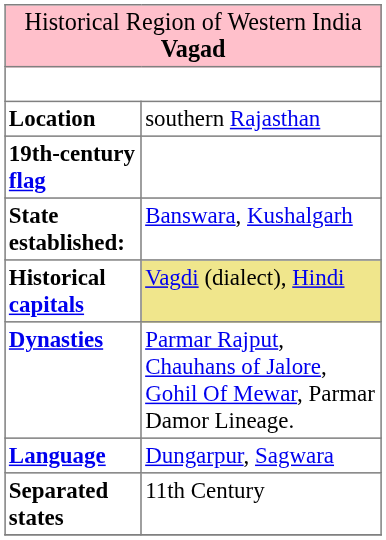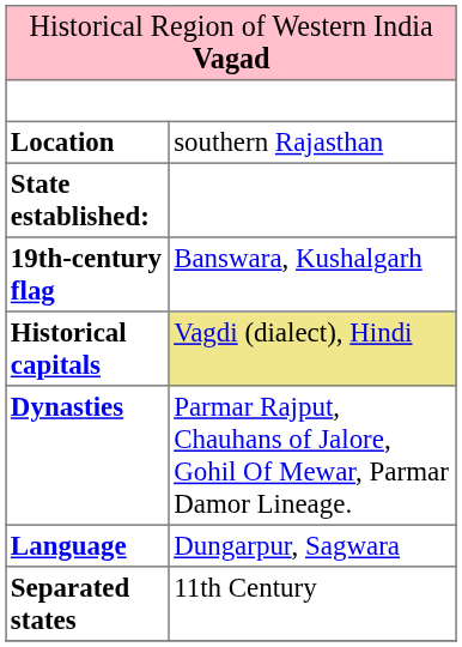 <table class="toccolours" border="1" cellpadding="2" cellspacing="2" style="float: right; margin: 0 0 1em 1em; width: 250px; border-collapse: collapse; font-size: 95%;">
 <tr>
 <td colspan="2" style="margin-left: inherit; background:#FFC0CB; text-align:center; font-size: medium;">Historical Region of Western India<br><strong>Vagad</strong></td>
 </tr>
 <tr align="center">
 <td colspan="2"><div><br></div></td>
 </tr>
 <tr style="vertical-align: top;">
 <td><strong>Location</strong></td>
 <td>southern <a href='#'>Rajasthan</a></td>
 </tr>
 <tr style="vertical-align: top;">
-<td><strong>19th-century <a href='#'>flag</a></strong></td>
+<td><strong>State established:</strong></td>
 <td></td>
 </tr>
 <tr style="vertical-align: top;">
-<td><strong>State established:</strong></td>
+<td><strong>19th-century <a href='#'>flag</a></strong></td>
 <td><a href='#'>Banswara</a>, <a href='#'>Kushalgarh</a></td>
 </tr>
 <tr style="vertical-align: top;">
 <td><strong>Historical <a href='#'>capitals</a></strong></td>
 <td style="background: khaki;"><a href='#'>Vagdi</a> (dialect), <a href='#'>Hindi</a></td>
 </tr>
 <tr style="vertical-align: top;">
 <td><strong><a href='#'>Dynasties</a></strong></td>
 <td><a href='#'>Parmar Rajput</a>, <a href='#'>Chauhans of Jalore</a>, <a href='#'>Gohil Of Mewar</a>, Parmar Damor Lineage.</td>
 </tr>
 <tr style="vertical-align: top;">
 <td><strong><a href='#'>Language</a></strong></td>
 <td><a href='#'>Dungarpur</a>, <a href='#'>Sagwara</a></td>
 </tr>
 <tr style="vertical-align: top;">
 <td><strong>Separated states</strong></td>
 <td>11th Century</td>
 </tr>
 <tr style="vertical-align: top;">
 </tr>
 </table>
